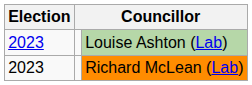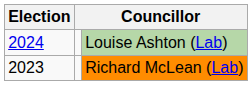 <table class="wikitable">
 <tr>
 <th>Election</th>
 <th colspan="2">Councillor</th>
 </tr>
 <tr>
-<td><a href='#'>2023</a></td>
+<td><a href='#'>2024</a></td>
 <td style="background-color: "></td>
 <td bgcolor="#B6D7A8">Louise Ashton (<a href='#'>Lab</a>)</td>
 </tr>
 <tr>
 <td>2023</td>
 <td style="background-color: "></td>
 <td bgcolor="#FF8C00">Richard McLean (<a href='#'>Lab</a>)</td>
 </tr>
 </table>
